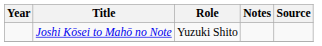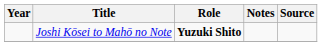 <table class="wikitable sortable plainrowheaders">
 <tr>
 <th>Year</th>
 <th class="unsortable">Title</th>
 <th class="unsortable">Role</th>
 <th class="unsortable">Notes</th>
 <th class="unsortable">Source</th>
 </tr>
 <tr>
 <td></td>
 <td><em><a href='#'>Joshi Kōsei to Mahō no Note</a></em></td>
-<td>Yuzuki Shito</td>
+<td><strong>Yuzuki Shito</strong></td>
 <td></td>
 <td></td>
 </tr>
 <tr>
 </tr>
 </table>
